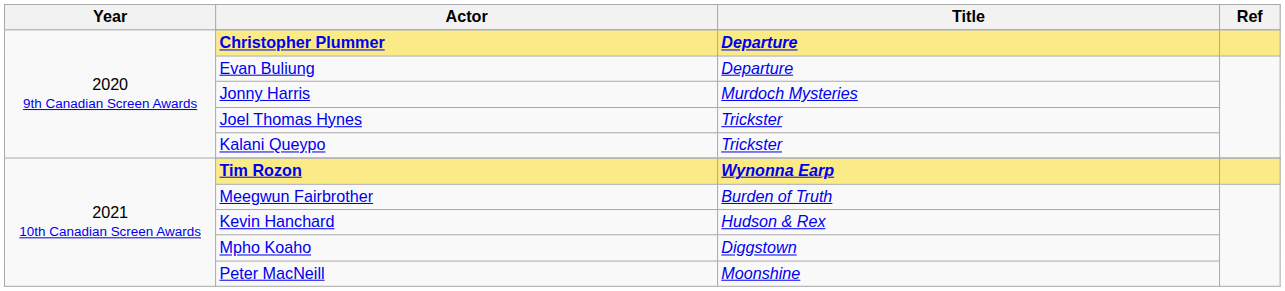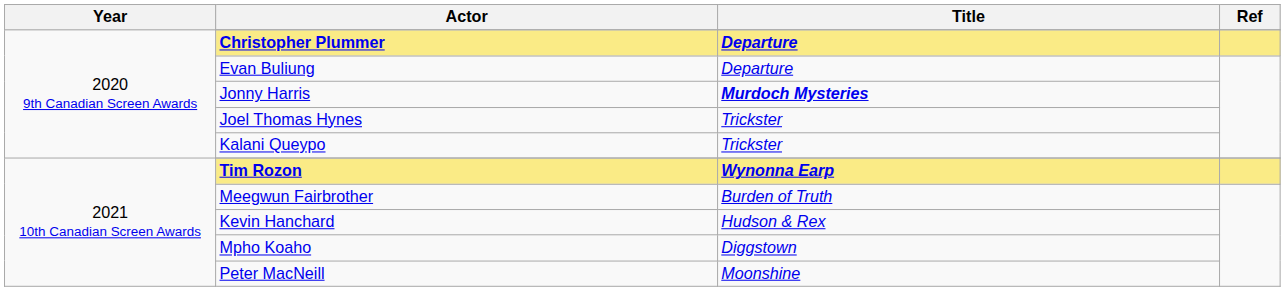 <table class="wikitable" style="width:100%;">
 <tr style="background:#bebebe;">
 <th style="width:8%;">Year</th>
 <th style="width:19%;">Actor</th>
 <th style="width:19%;">Title</th>
 <th style="width:2%;">Ref</th>
 </tr>
 <tr>
 <td rowspan="6" align="center">2020 <br> <small><a href='#'>9th Canadian Screen Awards</a></small></td>
 </tr>
 <tr style="background:#FAEB86;">
 <td><strong><a href='#'>Christopher Plummer</a></strong></td>
 <td><strong><em><a href='#'>Departure</a></em></strong></td>
 <td></td>
 </tr>
 <tr>
 <td><a href='#'>Evan Buliung</a></td>
 <td><em><a href='#'>Departure</a></em></td>
 <td rowspan=4></td>
 </tr>
 <tr>
 <td><a href='#'>Jonny Harris</a></td>
-<td><em><a href='#'>Murdoch Mysteries</a></em></td>
+<td><strong><em><a href='#'>Murdoch Mysteries</a></em></strong></td>
 </tr>
 <tr>
 <td><a href='#'>Joel Thomas Hynes</a></td>
 <td><em><a href='#'>Trickster</a></em></td>
 </tr>
 <tr>
 <td><a href='#'>Kalani Queypo</a></td>
 <td><em><a href='#'>Trickster</a></em></td>
 </tr>
 <tr>
 <td rowspan="6" align="center">2021 <br> <small><a href='#'>10th Canadian Screen Awards</a></small></td>
 </tr>
 <tr style="background:#FAEB86;">
 <td><strong><a href='#'>Tim Rozon</a></strong></td>
 <td><strong><em><a href='#'>Wynonna Earp</a></em></strong></td>
 <td></td>
 </tr>
 <tr>
 <td><a href='#'>Meegwun Fairbrother</a></td>
 <td><em><a href='#'>Burden of Truth</a></em></td>
 <td rowspan=4></td>
 </tr>
 <tr>
 <td><a href='#'>Kevin Hanchard</a></td>
 <td><em><a href='#'>Hudson & Rex</a></em></td>
 </tr>
 <tr>
 <td><a href='#'>Mpho Koaho</a></td>
 <td><em><a href='#'>Diggstown</a></em></td>
 </tr>
 <tr>
 <td><a href='#'>Peter MacNeill</a></td>
 <td><em><a href='#'>Moonshine</a></em></td>
 </tr>
 </table>
